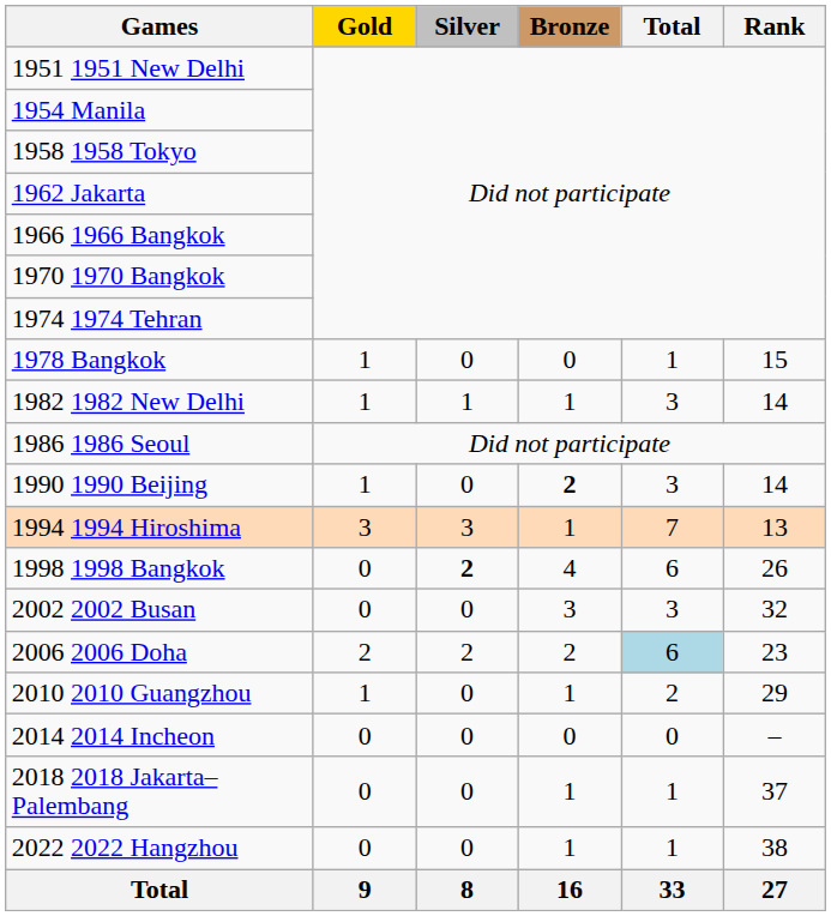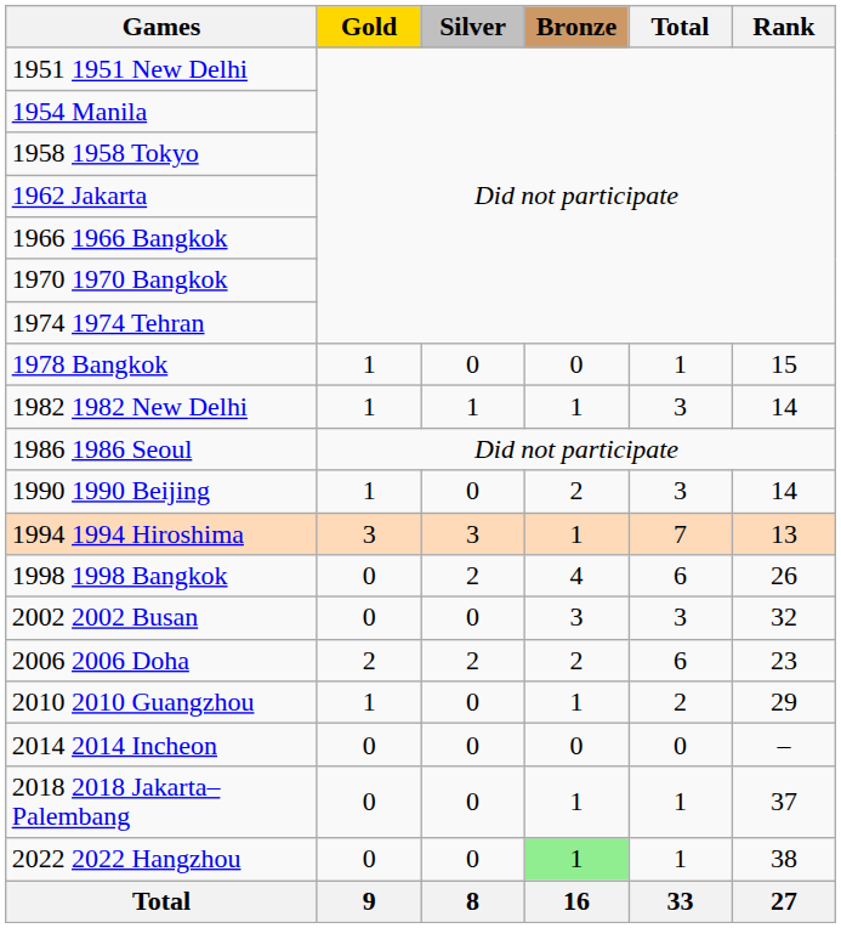 <table class="wikitable sortable" style="text-align:center;">
 <tr>
 <th width=180>Games</th>
 <th scope="col" style="background:gold; width:55px;">Gold</th>
 <th scope="col" style="background:silver; width:55px;">Silver</th>
 <th scope="col" style="background:#cc9966; width:55px;">Bronze</th>
 <th width=55>Total</th>
 <th width=55>Rank</th>
 </tr>
 <tr>
 <td align=left><span>1951</span> <a href='#'>1951 New Delhi</a></td>
 <td rowspan=7 colspan=5><em>Did not participate</em></td>
 </tr>
 <tr class="sortbottom">
 <td align=left> <a href='#'>1954 Manila</a></td>
 </tr>
 <tr>
 <td align=left><span>1958</span> <a href='#'>1958 Tokyo</a></td>
 </tr>
 <tr class="sortbottom">
 <td align=left> <a href='#'>1962 Jakarta</a></td>
 </tr>
 <tr>
 <td align=left><span>1966</span> <a href='#'>1966 Bangkok</a></td>
 </tr>
 <tr>
 <td align=left><span>1970</span> <a href='#'>1970 Bangkok</a></td>
 </tr>
 <tr>
 <td align=left><span>1974</span> <a href='#'>1974 Tehran</a></td>
 </tr>
 <tr class="sortbottom">
 <td align=left> <a href='#'>1978 Bangkok</a></td>
 <td>1</td>
 <td>0</td>
 <td>0</td>
 <td>1</td>
 <td>15</td>
 </tr>
 <tr>
 <td align=left><span>1982</span> <a href='#'>1982 New Delhi</a></td>
 <td>1</td>
 <td>1</td>
 <td>1</td>
 <td>3</td>
 <td>14</td>
 </tr>
 <tr>
 <td align=left><span>1986</span> <a href='#'>1986 Seoul</a></td>
 <td colspan=5><em>Did not participate</em></td>
 </tr>
 <tr>
 <td align=left><span>1990</span> <a href='#'>1990 Beijing</a></td>
 <td>1</td>
 <td>0</td>
-<td><strong>2</strong></td>
+<td>2</td>
 <td>3</td>
 <td>14</td>
 </tr>
 <tr bgcolor=ffdab9>
 <td align=left><span>1994</span> <a href='#'>1994 Hiroshima</a></td>
 <td>3</td>
 <td>3</td>
 <td>1</td>
 <td>7</td>
 <td>13</td>
 </tr>
 <tr>
 <td align=left><span>1998</span> <a href='#'>1998 Bangkok</a></td>
 <td>0</td>
-<td><strong>2</strong></td>
+<td>2</td>
 <td>4</td>
 <td>6</td>
 <td>26</td>
 </tr>
 <tr>
 <td align=left><span>2002</span> <a href='#'>2002 Busan</a></td>
 <td>0</td>
 <td>0</td>
 <td>3</td>
 <td>3</td>
 <td>32</td>
 </tr>
 <tr>
 <td align=left><span>2006</span> <a href='#'>2006 Doha</a></td>
 <td>2</td>
 <td>2</td>
 <td>2</td>
-<td style="background: lightblue;">6</td>
+<td>6</td>
 <td>23</td>
 </tr>
 <tr>
 <td align=left><span>2010</span> <a href='#'>2010 Guangzhou</a></td>
 <td>1</td>
 <td>0</td>
 <td>1</td>
 <td>2</td>
 <td>29</td>
 </tr>
 <tr>
 <td align=left><span>2014</span> <a href='#'>2014 Incheon</a></td>
 <td>0</td>
 <td>0</td>
 <td>0</td>
 <td>0</td>
 <td>–</td>
 </tr>
 <tr>
 <td align=left><span>2018</span> <a href='#'>2018 Jakarta–Palembang</a></td>
 <td>0</td>
 <td>0</td>
 <td>1</td>
 <td>1</td>
 <td>37</td>
 </tr>
 <tr>
 <td align=left><span>2022</span> <a href='#'>2022 Hangzhou</a></td>
 <td>0</td>
 <td>0</td>
-<td>1</td>
+<td style="background: lightgreen;">1</td>
 <td>1</td>
 <td>38</td>
 </tr>
 <tr class="sortbottom">
 <th>Total</th>
 <th>9</th>
 <th>8</th>
 <th>16</th>
 <th>33</th>
 <th>27</th>
 </tr>
 </table>
